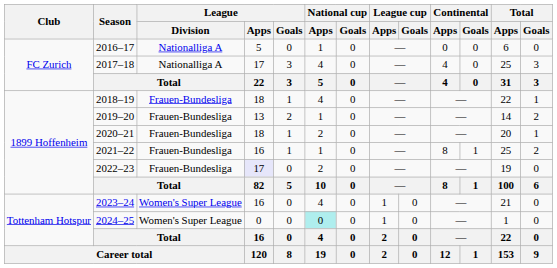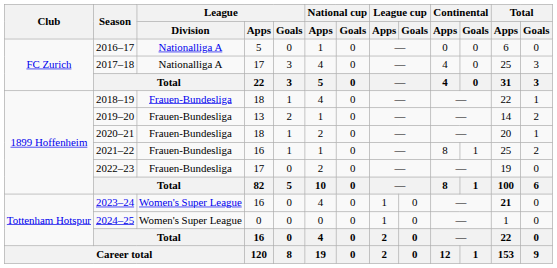 <table class="wikitable" style="text-align:center">
 <tr>
 <th rowspan="2">Club</th>
 <th rowspan="2">Season</th>
 <th colspan="3">League</th>
 <th colspan="2">National cup</th>
 <th colspan="2">League cup</th>
 <th colspan="2">Continental</th>
 <th colspan="2">Total</th>
 </tr>
 <tr>
 <th>Division</th>
 <th>Apps</th>
 <th>Goals</th>
 <th>Apps</th>
 <th>Goals</th>
 <th>Apps</th>
 <th>Goals</th>
 <th>Apps</th>
 <th>Goals</th>
 <th>Apps</th>
 <th>Goals</th>
 </tr>
 <tr>
 <td rowspan="3"><a href='#'>FC Zurich</a></td>
 <td>2016–17</td>
 <td><a href='#'>Nationalliga A</a></td>
 <td>5</td>
 <td>0</td>
 <td>1</td>
 <td>0</td>
 <td colspan="2">—</td>
 <td>0</td>
 <td>0</td>
 <td>6</td>
 <td>0</td>
 </tr>
 <tr>
 <td>2017–18</td>
 <td>Nationalliga A</td>
 <td>17</td>
 <td>3</td>
 <td>4</td>
 <td>0</td>
 <td colspan="2">—</td>
 <td>4</td>
 <td>0</td>
 <td>25</td>
 <td>3</td>
 </tr>
 <tr>
 <th colspan="2">Total</th>
 <th>22</th>
 <th>3</th>
 <th>5</th>
 <th>0</th>
 <th colspan="2">—</th>
 <th>4</th>
 <th>0</th>
 <th>31</th>
 <th>3</th>
 </tr>
 <tr>
 <td rowspan="6"><a href='#'>1899 Hoffenheim</a></td>
 <td>2018–19</td>
 <td><a href='#'>Frauen-Bundesliga</a></td>
 <td>18</td>
 <td>1</td>
 <td>4</td>
 <td>0</td>
 <td colspan="2">—</td>
 <td colspan="2">—</td>
 <td>22</td>
 <td>1</td>
 </tr>
 <tr>
 <td>2019–20</td>
 <td>Frauen-Bundesliga</td>
 <td>13</td>
 <td>2</td>
 <td>1</td>
 <td>0</td>
 <td colspan="2">—</td>
 <td colspan="2">—</td>
 <td>14</td>
 <td>2</td>
 </tr>
 <tr>
 <td>2020–21</td>
 <td>Frauen-Bundesliga</td>
 <td>18</td>
 <td>1</td>
 <td>2</td>
 <td>0</td>
 <td colspan="2">—</td>
 <td colspan="2">—</td>
 <td>20</td>
 <td>1</td>
 </tr>
 <tr>
 <td>2021–22</td>
 <td>Frauen-Bundesliga</td>
 <td>16</td>
 <td>1</td>
 <td>1</td>
 <td>0</td>
 <td colspan="2">—</td>
 <td>8</td>
 <td>1</td>
 <td>25</td>
 <td>2</td>
 </tr>
 <tr>
 <td>2022–23</td>
 <td>Frauen-Bundesliga</td>
-<td style="background: lavender;">17</td>
+<td>17</td>
 <td>0</td>
 <td>2</td>
 <td>0</td>
 <td colspan="2">—</td>
 <td colspan="2">—</td>
 <td>19</td>
 <td>0</td>
 </tr>
 <tr>
 <th colspan="2">Total</th>
 <th>82</th>
 <th>5</th>
 <th>10</th>
 <th>0</th>
 <th colspan="2">—</th>
 <th>8</th>
 <th>1</th>
 <th>100</th>
 <th>6</th>
 </tr>
 <tr>
 <td rowspan="3"><a href='#'>Tottenham Hotspur</a></td>
 <td><a href='#'>2023–24</a></td>
 <td><a href='#'>Women's Super League</a></td>
 <td>16</td>
 <td>0</td>
 <td>4</td>
 <td>0</td>
 <td>1</td>
 <td>0</td>
 <td colspan="2">—</td>
-<td>21</td>
+<td><strong>21</strong></td>
 <td>0</td>
 </tr>
 <tr>
 <td><a href='#'>2024–25</a></td>
 <td>Women's Super League</td>
 <td>0</td>
 <td>0</td>
-<td style="background: paleturquoise;">0</td>
+<td>0</td>
 <td>0</td>
 <td>1</td>
 <td>0</td>
 <td colspan="2">—</td>
 <td>1</td>
 <td>0</td>
 </tr>
 <tr>
 <th colspan="2">Total</th>
 <th>16</th>
 <th>0</th>
 <th>4</th>
 <th>0</th>
 <th>2</th>
 <th>0</th>
 <th colspan="2">—</th>
 <th>22</th>
 <th>0</th>
 </tr>
 <tr>
 <th colspan="3">Career total</th>
 <th>120</th>
 <th>8</th>
 <th>19</th>
 <th>0</th>
 <th>2</th>
 <th>0</th>
 <th>12</th>
 <th>1</th>
 <th>153</th>
 <th>9</th>
 </tr>
 </table>
